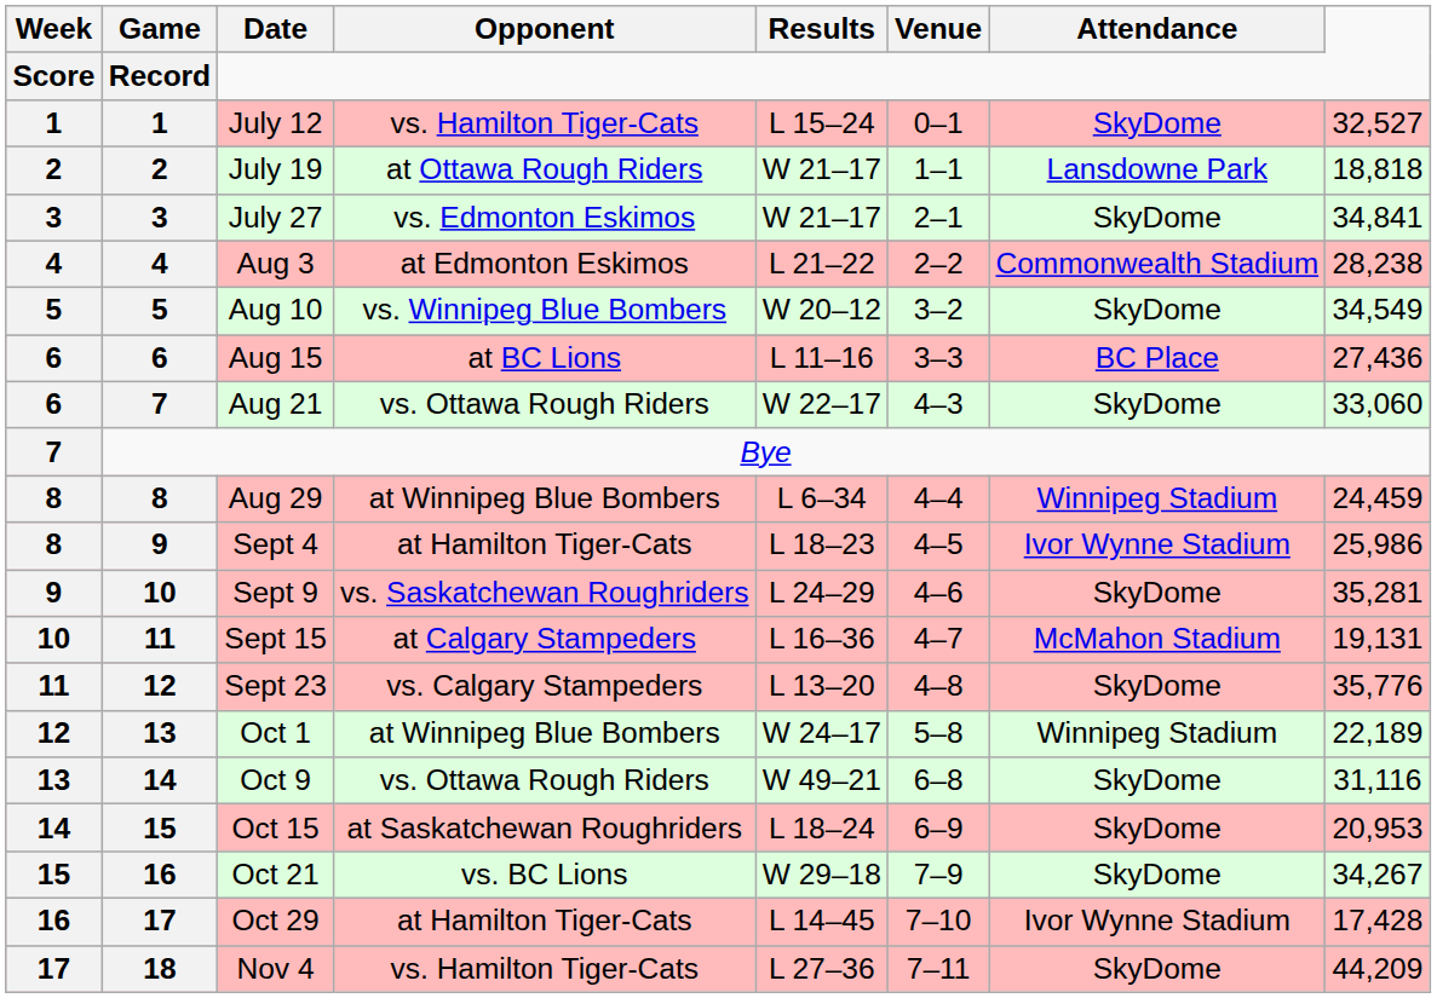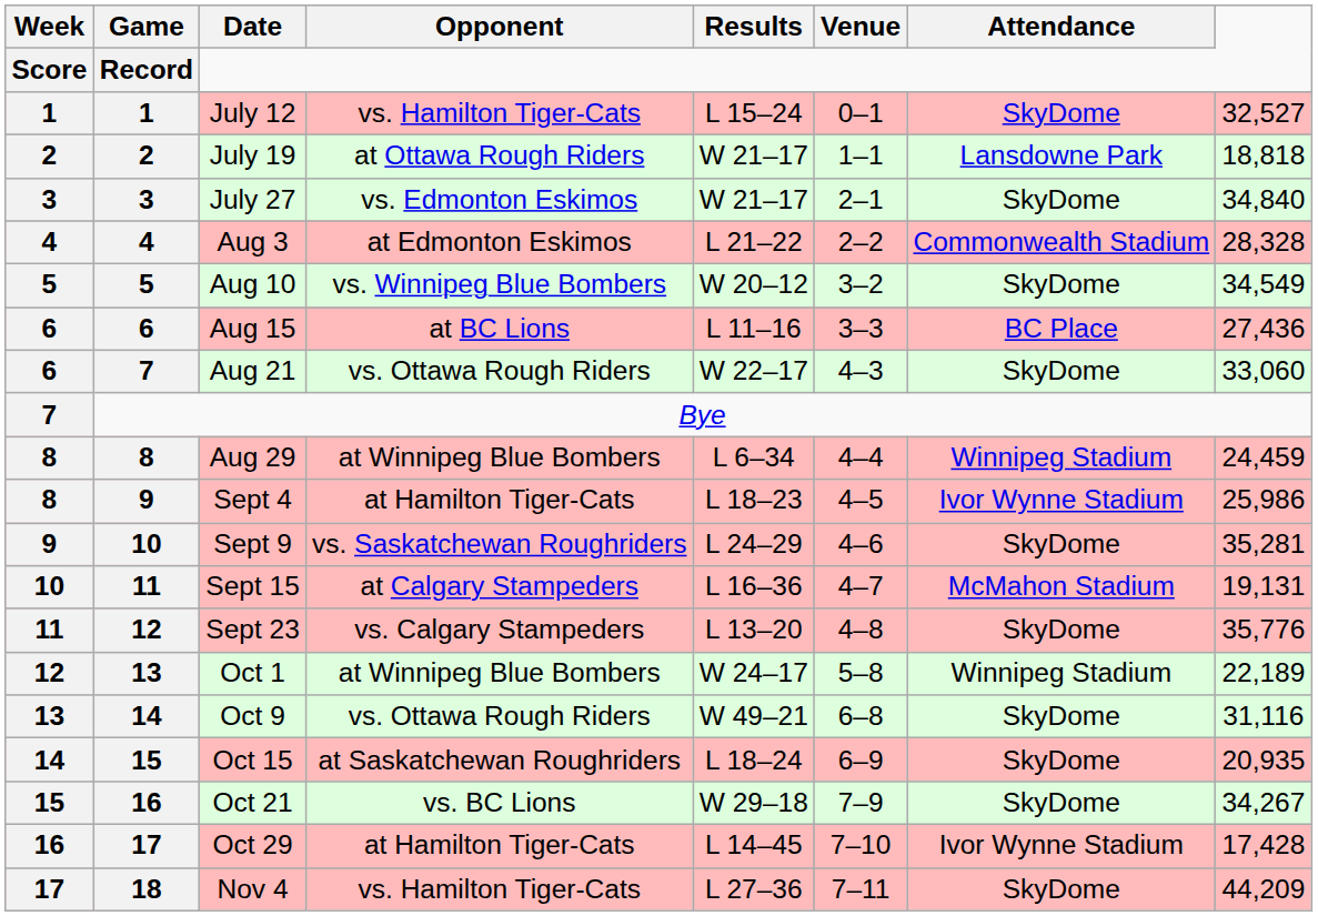 <table class="wikitable" style="text-align:center">
 <tr>
 <th>Week</th>
 <th>Game</th>
 <th>Date</th>
 <th>Opponent</th>
 <th>Results</th>
 <th>Venue</th>
 <th>Attendance</th>
 </tr>
 <tr>
 <th>Score</th>
 <th>Record</th>
 </tr>
 <tr style="background:#ffbbbb">
 <th>1</th>
 <th>1</th>
 <td>July 12</td>
 <td>vs. <a href='#'>Hamilton Tiger-Cats</a></td>
 <td>L 15–24</td>
 <td>0–1</td>
 <td><a href='#'>SkyDome</a></td>
 <td>32,527</td>
 </tr>
 <tr style="background:#ddffdd">
 <th>2</th>
 <th>2</th>
 <td>July 19</td>
 <td>at <a href='#'>Ottawa Rough Riders</a></td>
 <td>W 21–17</td>
 <td>1–1</td>
 <td><a href='#'>Lansdowne Park</a></td>
 <td>18,818</td>
 </tr>
 <tr style="background:#ddffdd">
 <th>3</th>
 <th>3</th>
 <td>July 27</td>
 <td>vs. <a href='#'>Edmonton Eskimos</a></td>
 <td>W 21–17</td>
 <td>2–1</td>
 <td>SkyDome</td>
-<td>34,841</td>
+<td>34,840</td>
 </tr>
 <tr style="background:#ffbbbb">
 <th>4</th>
 <th>4</th>
 <td>Aug 3</td>
 <td>at Edmonton Eskimos</td>
 <td>L 21–22</td>
 <td>2–2</td>
 <td><a href='#'>Commonwealth Stadium</a></td>
-<td>28,238</td>
+<td>28,328</td>
 </tr>
 <tr style="background:#ddffdd">
 <th>5</th>
 <th>5</th>
 <td>Aug 10</td>
 <td>vs. <a href='#'>Winnipeg Blue Bombers</a></td>
 <td>W 20–12</td>
 <td>3–2</td>
 <td>SkyDome</td>
 <td>34,549</td>
 </tr>
 <tr style="background:#ffbbbb">
 <th>6</th>
 <th>6</th>
 <td>Aug 15</td>
 <td>at <a href='#'>BC Lions</a></td>
 <td>L 11–16</td>
 <td>3–3</td>
 <td><a href='#'>BC Place</a></td>
 <td>27,436</td>
 </tr>
 <tr style="background:#ddffdd">
 <th>6</th>
 <th>7</th>
 <td>Aug 21</td>
 <td>vs. Ottawa Rough Riders</td>
 <td>W 22–17</td>
 <td>4–3</td>
 <td>SkyDome</td>
 <td>33,060</td>
 </tr>
 <tr>
 <th>7</th>
 <td colspan=7><em><a href='#'>Bye</a></em></td>
 </tr>
 <tr style="background:#ffbbbb">
 <th>8</th>
 <th>8</th>
 <td>Aug 29</td>
 <td>at Winnipeg Blue Bombers</td>
 <td>L 6–34</td>
 <td>4–4</td>
 <td><a href='#'>Winnipeg Stadium</a></td>
 <td>24,459</td>
 </tr>
 <tr style="background:#ffbbbb">
 <th>8</th>
 <th>9</th>
 <td>Sept 4</td>
 <td>at Hamilton Tiger-Cats</td>
 <td>L 18–23</td>
 <td>4–5</td>
 <td><a href='#'>Ivor Wynne Stadium</a></td>
 <td>25,986</td>
 </tr>
 <tr style="background:#ffbbbb">
 <th>9</th>
 <th>10</th>
 <td>Sept 9</td>
 <td>vs. <a href='#'>Saskatchewan Roughriders</a></td>
 <td>L 24–29</td>
 <td>4–6</td>
 <td>SkyDome</td>
 <td>35,281</td>
 </tr>
 <tr style="background:#ffbbbb">
 <th>10</th>
 <th>11</th>
 <td>Sept 15</td>
 <td>at <a href='#'>Calgary Stampeders</a></td>
 <td>L 16–36</td>
 <td>4–7</td>
 <td><a href='#'>McMahon Stadium</a></td>
 <td>19,131</td>
 </tr>
 <tr style="background:#ffbbbb">
 <th>11</th>
 <th>12</th>
 <td>Sept 23</td>
 <td>vs. Calgary Stampeders</td>
 <td>L 13–20</td>
 <td>4–8</td>
 <td>SkyDome</td>
 <td>35,776</td>
 </tr>
 <tr style="background:#ddffdd">
 <th>12</th>
 <th>13</th>
 <td>Oct 1</td>
 <td>at Winnipeg Blue Bombers</td>
 <td>W 24–17</td>
 <td>5–8</td>
 <td>Winnipeg Stadium</td>
 <td>22,189</td>
 </tr>
 <tr style="background:#ddffdd">
 <th>13</th>
 <th>14</th>
 <td>Oct 9</td>
 <td>vs. Ottawa Rough Riders</td>
 <td>W 49–21</td>
 <td>6–8</td>
 <td>SkyDome</td>
 <td>31,116</td>
 </tr>
 <tr style="background:#ffbbbb">
 <th>14</th>
 <th>15</th>
 <td>Oct 15</td>
 <td>at Saskatchewan Roughriders</td>
 <td>L 18–24</td>
 <td>6–9</td>
 <td>SkyDome</td>
-<td>20,953</td>
+<td>20,935</td>
 </tr>
 <tr style="background:#ddffdd">
 <th>15</th>
 <th>16</th>
 <td>Oct 21</td>
 <td>vs. BC Lions</td>
 <td>W 29–18</td>
 <td>7–9</td>
 <td>SkyDome</td>
 <td>34,267</td>
 </tr>
 <tr style="background:#ffbbbb">
 <th>16</th>
 <th>17</th>
 <td>Oct 29</td>
 <td>at Hamilton Tiger-Cats</td>
 <td>L 14–45</td>
 <td>7–10</td>
 <td>Ivor Wynne Stadium</td>
 <td>17,428</td>
 </tr>
 <tr style="background:#ffbbbb">
 <th>17</th>
 <th>18</th>
 <td>Nov 4</td>
 <td>vs. Hamilton Tiger-Cats</td>
 <td>L 27–36</td>
 <td>7–11</td>
 <td>SkyDome</td>
 <td>44,209</td>
 </tr>
 </table>
